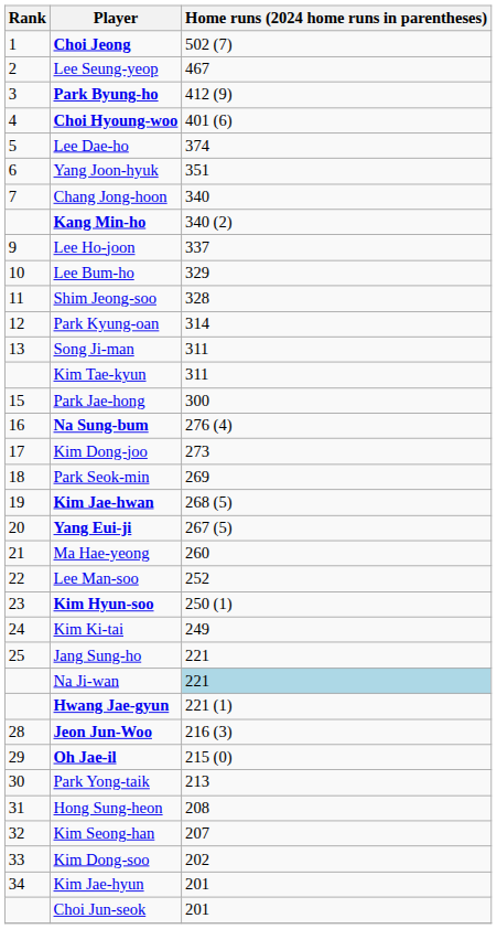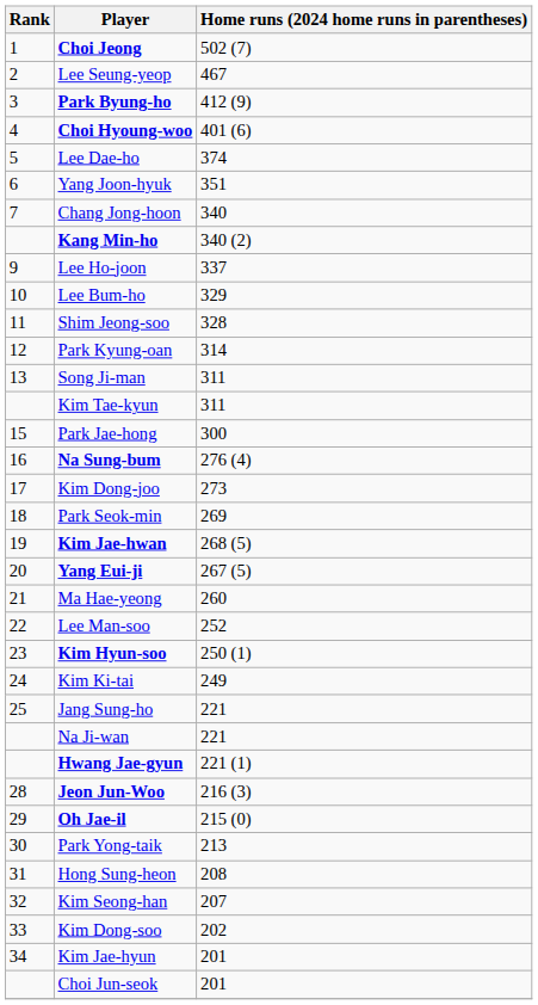 <table class="wikitable" style="float:left;">
 <tr>
 <th>Rank</th>
 <th>Player</th>
 <th>Home runs (2024 home runs in parentheses)</th>
 </tr>
 <tr>
 <td>1</td>
 <td><strong><a href='#'>Choi Jeong</a></strong></td>
 <td>502 (7)</td>
 </tr>
 <tr>
 <td>2</td>
 <td><a href='#'>Lee Seung-yeop</a></td>
 <td>467</td>
 </tr>
 <tr>
 <td>3</td>
 <td><strong><a href='#'>Park Byung-ho</a></strong></td>
 <td>412 (9)</td>
 </tr>
 <tr>
 <td>4</td>
 <td><strong><a href='#'>Choi Hyoung-woo</a></strong></td>
 <td>401 (6)</td>
 </tr>
 <tr>
 <td>5</td>
 <td><a href='#'>Lee Dae-ho</a></td>
 <td>374</td>
 </tr>
 <tr>
 <td>6</td>
 <td><a href='#'>Yang Joon-hyuk</a></td>
 <td>351</td>
 </tr>
 <tr>
 <td>7</td>
 <td><a href='#'>Chang Jong-hoon</a></td>
 <td>340</td>
 </tr>
 <tr>
 <td></td>
 <td><strong><a href='#'>Kang Min-ho</a></strong></td>
 <td>340 (2)</td>
 </tr>
 <tr>
 <td>9</td>
 <td><a href='#'>Lee Ho-joon</a></td>
 <td>337</td>
 </tr>
 <tr>
 <td>10</td>
 <td><a href='#'>Lee Bum-ho</a></td>
 <td>329</td>
 </tr>
 <tr>
 <td>11</td>
 <td><a href='#'>Shim Jeong-soo</a></td>
 <td>328</td>
 </tr>
 <tr>
 <td>12</td>
 <td><a href='#'>Park Kyung-oan</a></td>
 <td>314</td>
 </tr>
 <tr>
 <td>13</td>
 <td><a href='#'>Song Ji-man</a></td>
 <td>311</td>
 </tr>
 <tr>
 <td></td>
 <td><a href='#'>Kim Tae-kyun</a></td>
 <td>311</td>
 </tr>
 <tr>
 <td>15</td>
 <td><a href='#'>Park Jae-hong</a></td>
 <td>300</td>
 </tr>
 <tr>
 <td>16</td>
 <td><strong><a href='#'>Na Sung-bum</a></strong></td>
 <td>276 (4)</td>
 </tr>
 <tr>
 <td>17</td>
 <td><a href='#'>Kim Dong-joo</a></td>
 <td>273</td>
 </tr>
 <tr>
 <td>18</td>
 <td><a href='#'>Park Seok-min</a></td>
 <td>269</td>
 </tr>
 <tr>
 <td>19</td>
 <td><strong><a href='#'>Kim Jae-hwan</a></strong></td>
 <td>268 (5)</td>
 </tr>
 <tr>
 <td>20</td>
 <td><strong><a href='#'>Yang Eui-ji</a></strong></td>
 <td>267 (5)</td>
 </tr>
 <tr>
 <td>21</td>
 <td><a href='#'>Ma Hae-yeong</a></td>
 <td>260</td>
 </tr>
 <tr>
 <td>22</td>
 <td><a href='#'>Lee Man-soo</a></td>
 <td>252</td>
 </tr>
 <tr>
 <td>23</td>
 <td><strong><a href='#'>Kim Hyun-soo</a></strong></td>
 <td>250 (1)</td>
 </tr>
 <tr>
 <td>24</td>
 <td><a href='#'>Kim Ki-tai</a></td>
 <td>249</td>
 </tr>
 <tr>
 <td>25</td>
 <td><a href='#'>Jang Sung-ho</a></td>
 <td>221</td>
 </tr>
 <tr>
 <td></td>
 <td><a href='#'>Na Ji-wan</a></td>
-<td style="background: lightblue;">221</td>
+<td>221</td>
 </tr>
 <tr>
 <td></td>
 <td><strong><a href='#'>Hwang Jae-gyun</a></strong></td>
 <td>221 (1)</td>
 </tr>
 <tr>
 <td>28</td>
 <td><strong><a href='#'>Jeon Jun-Woo</a></strong></td>
 <td>216 (3)</td>
 </tr>
 <tr>
 <td>29</td>
 <td><strong><a href='#'>Oh Jae-il</a></strong></td>
 <td>215 (0)</td>
 </tr>
 <tr>
 <td>30</td>
 <td><a href='#'>Park Yong-taik</a></td>
 <td>213</td>
 </tr>
 <tr>
 <td>31</td>
 <td><a href='#'>Hong Sung-heon</a></td>
 <td>208</td>
 </tr>
 <tr>
 <td>32</td>
 <td><a href='#'>Kim Seong-han</a></td>
 <td>207</td>
 </tr>
 <tr>
 <td>33</td>
 <td><a href='#'>Kim Dong-soo</a></td>
 <td>202</td>
 </tr>
 <tr>
 <td>34</td>
 <td><a href='#'>Kim Jae-hyun</a></td>
 <td>201</td>
 </tr>
 <tr>
 <td></td>
 <td><a href='#'>Choi Jun-seok</a></td>
 <td>201</td>
 </tr>
 <tr>
 </tr>
 </table>
